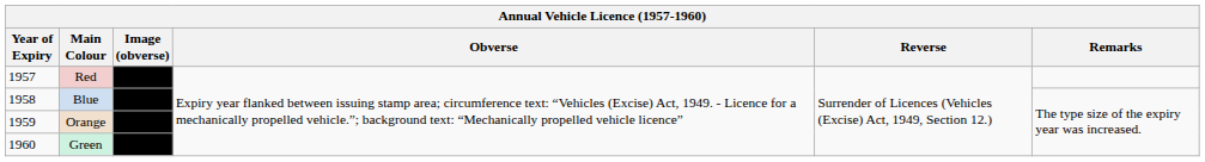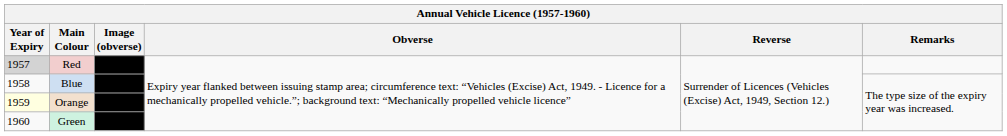 <table class="wikitable collapsible autocollapse" style="font-size: 90%; width: 100%">
 <tr>
 <th colspan="7">Annual Vehicle Licence (1957-1960)</th>
 </tr>
 <tr>
 <th style="width: 50px">Year of Expiry</th>
 <th style="width: 50px">Main Colour</th>
 <th style="width: 53px">Image (obverse)</th>
 <th>Obverse</th>
 <th>Reverse</th>
 <th>Remarks</th>
 </tr>
 <tr>
-<td>1957</td>
+<td style="background: lightgrey;">1957</td>
 <td align="center" bgcolor=#f2cece>Red</td>
 <td bgcolor=#000></td>
 <td rowspan=4>Expiry year flanked between issuing stamp area; circumference text: “Vehicles (Excise) Act, 1949. - Licence for a mechanically propelled vehicle.”; background text: “Mechanically propelled vehicle licence”</td>
 <td rowspan=4>Surrender of Licences (Vehicles (Excise) Act, 1949, Section 12.)</td>
 <td></td>
 </tr>
 <tr>
 <td>1958</td>
 <td align="center" bgcolor=#cedff2>Blue</td>
 <td bgcolor=#000></td>
 <td rowspan=3>The type size of the expiry year was increased.</td>
 </tr>
 <tr>
-<td>1959</td>
+<td style="background: lightyellow;">1959</td>
 <td align="center" bgcolor=#f2e0ce>Orange</td>
 <td bgcolor=#000></td>
 </tr>
 <tr>
 <td>1960</td>
 <td align="center" bgcolor=#cef2e0>Green</td>
 <td bgcolor=#000></td>
 </tr>
 </table>
